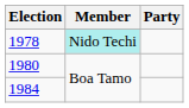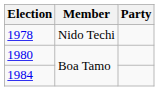 <table class="wikitable sortable">
 <tr>
 <th>Election</th>
 <th>Member</th>
 <th colspan=2>Party</th>
 </tr>
 <tr>
 <td><a href='#'>1978</a></td>
-<td style="background: paleturquoise;">Nido Techi</td>
+<td>Nido Techi</td>
 <td></td>
 </tr>
 <tr>
 <td><a href='#'>1980</a></td>
 <td rowspan=2>Boa Tamo</td>
 <td></td>
 </tr>
 <tr>
 <td><a href='#'>1984</a></td>
 <td></td>
 </tr>
 </table>
